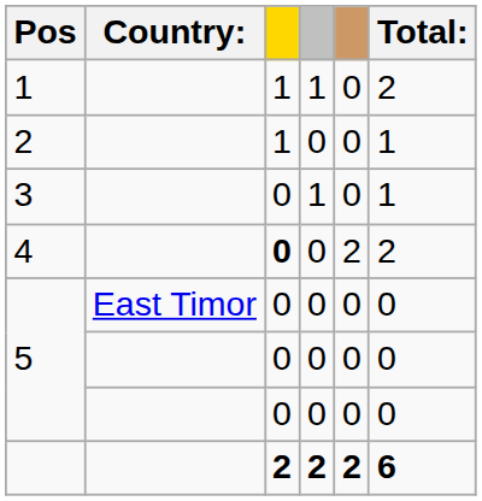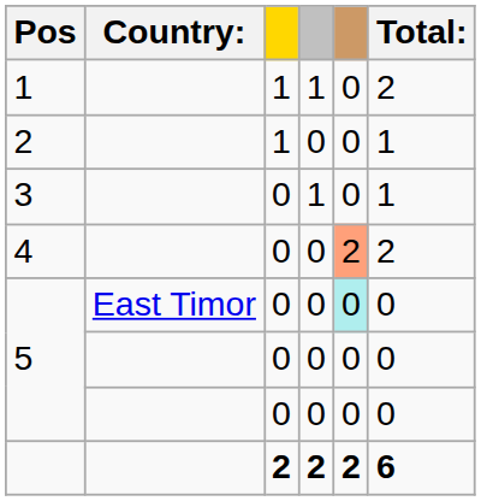 <table class="wikitable">
 <tr>
 <th>Pos</th>
 <th>Country:</th>
 <th style="background-color:gold"></th>
 <th style="background-color:silver"></th>
 <th style="background-color:#CC9966"></th>
 <th>Total:</th>
 </tr>
 <tr>
 <td>1</td>
 <td></td>
 <td>1</td>
 <td>1</td>
 <td>0</td>
 <td>2</td>
 </tr>
 <tr>
 <td>2</td>
 <td></td>
 <td>1</td>
 <td>0</td>
 <td>0</td>
 <td>1</td>
 </tr>
 <tr>
 <td>3</td>
 <td></td>
 <td>0</td>
 <td>1</td>
 <td>0</td>
 <td>1</td>
 </tr>
 <tr>
 <td>4</td>
 <td></td>
-<td><strong>0</strong></td>
 <td>0</td>
-<td>2</td>
+<td>0</td>
+<td style="background: lightsalmon;">2</td>
 <td>2</td>
 </tr>
 <tr>
 <td rowspan="3">5</td>
 <td> <a href='#'>East Timor</a></td>
 <td>0</td>
 <td>0</td>
-<td>0</td>
+<td style="background: paleturquoise;">0</td>
 <td>0</td>
 </tr>
 <tr>
 <td></td>
 <td>0</td>
 <td>0</td>
 <td>0</td>
 <td>0</td>
 </tr>
 <tr>
 <td></td>
 <td>0</td>
 <td>0</td>
 <td>0</td>
 <td>0</td>
 </tr>
 <tr>
 <td></td>
 <td></td>
 <td><strong>2</strong></td>
 <td><strong>2</strong></td>
 <td><strong>2</strong></td>
 <td><strong>6</strong></td>
 </tr>
 </table>
